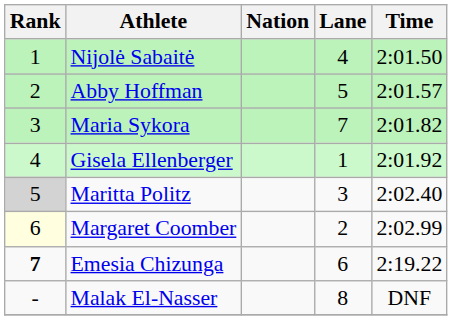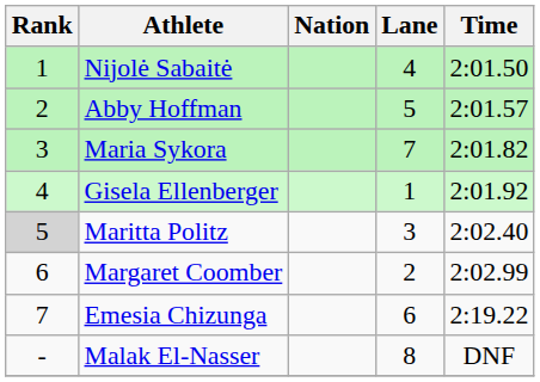 <table class="wikitable sortable" style="text-align:center">
 <tr>
 <th>Rank</th>
 <th>Athlete</th>
 <th>Nation</th>
 <th>Lane</th>
 <th>Time</th>
 </tr>
 <tr bgcolor=bbf3bb>
 <td>1</td>
 <td align=left><a href='#'>Nijolė Sabaitė</a></td>
 <td align=left></td>
 <td>4</td>
 <td>2:01.50</td>
 </tr>
 <tr bgcolor=bbf3bb>
 <td>2</td>
 <td align=left><a href='#'>Abby Hoffman</a></td>
 <td align=left></td>
 <td>5</td>
 <td>2:01.57</td>
 </tr>
 <tr bgcolor=bbf3bb>
 <td>3</td>
 <td align=left><a href='#'>Maria Sykora</a></td>
 <td align=left></td>
 <td>7</td>
 <td>2:01.82</td>
 </tr>
 <tr bgcolor=ccf9cc>
 <td>4</td>
 <td align=left><a href='#'>Gisela Ellenberger</a></td>
 <td align=left></td>
 <td>1</td>
 <td>2:01.92</td>
 </tr>
 <tr>
 <td style="background: lightgrey;">5</td>
 <td align=left><a href='#'>Maritta Politz</a></td>
 <td align=left></td>
 <td>3</td>
 <td>2:02.40</td>
 </tr>
 <tr>
-<td style="background: lightyellow;">6</td>
+<td>6</td>
 <td align=left><a href='#'>Margaret Coomber</a></td>
 <td align=left></td>
 <td>2</td>
 <td>2:02.99</td>
 </tr>
 <tr>
-<td><strong>7</strong></td>
+<td>7</td>
 <td align=left><a href='#'>Emesia Chizunga</a></td>
 <td align=left></td>
 <td>6</td>
 <td>2:19.22</td>
 </tr>
 <tr>
 <td>-</td>
 <td align=left><a href='#'>Malak El-Nasser</a></td>
 <td align=left></td>
 <td>8</td>
 <td>DNF</td>
 </tr>
 <tr>
 </tr>
 </table>
